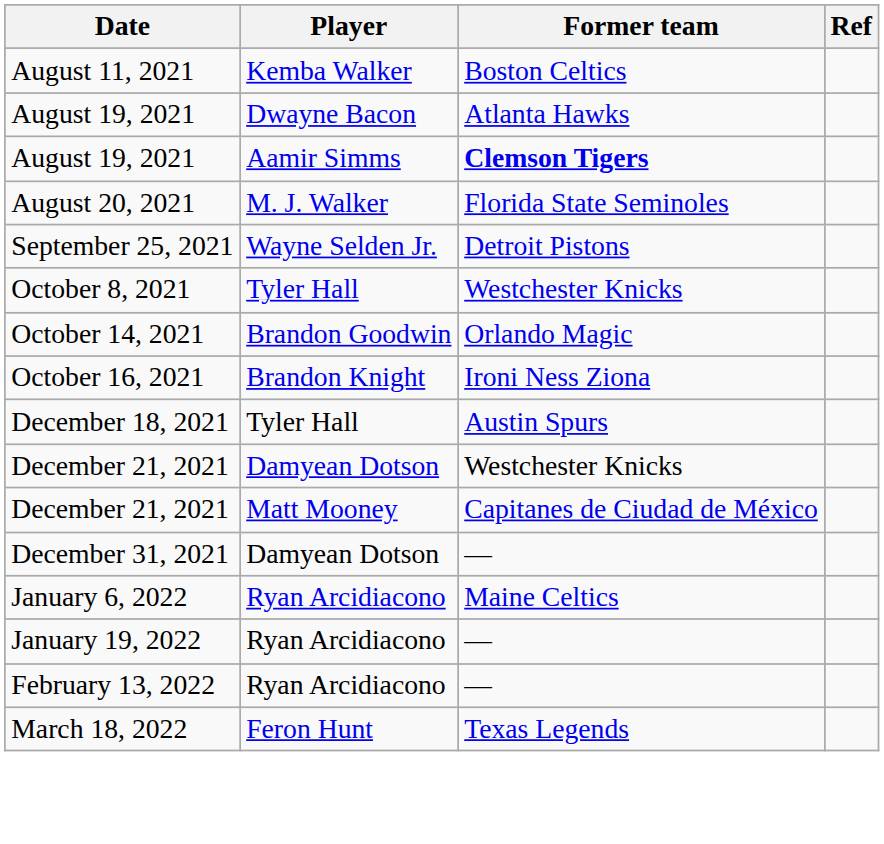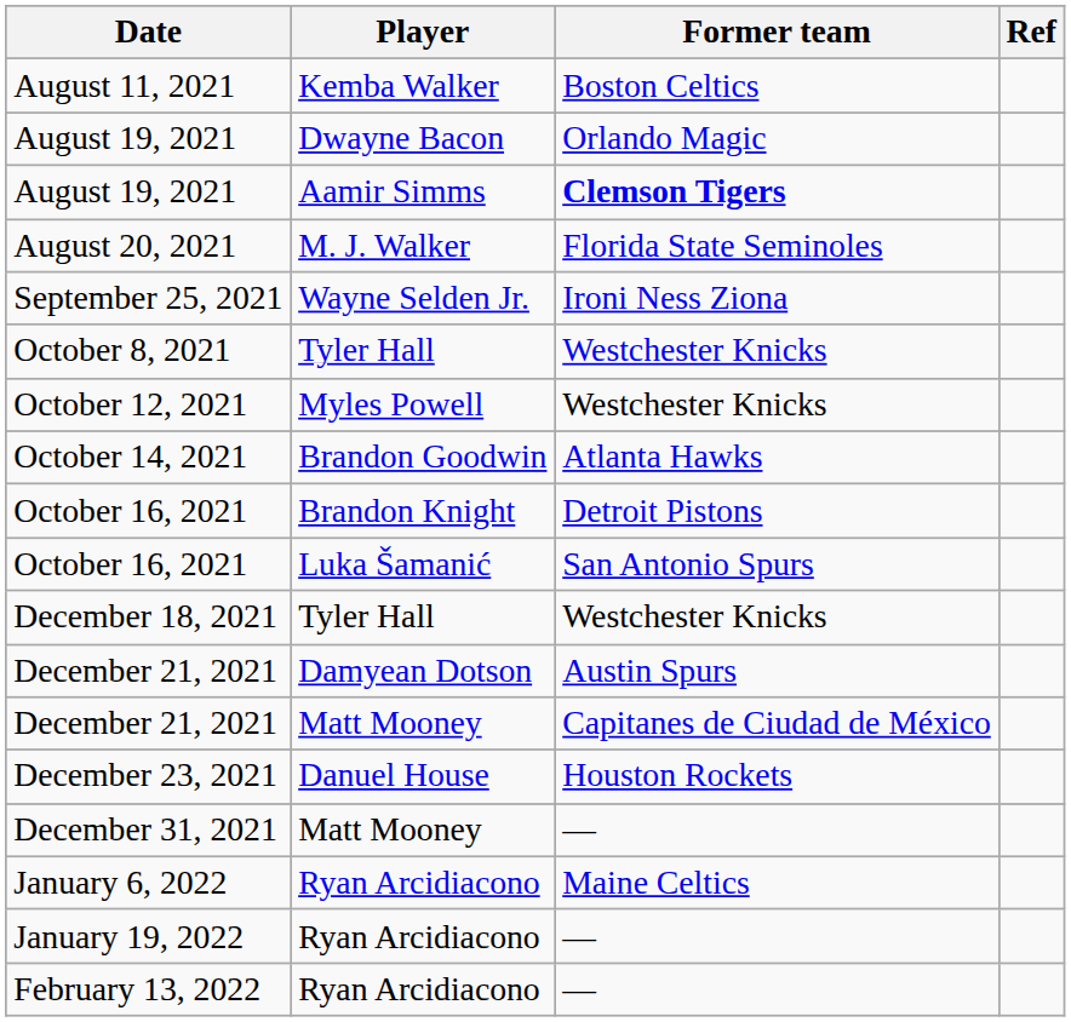 <table class="wikitable" style="text-align:left;">
 <tr>
 <th>Date</th>
 <th>Player</th>
 <th>Former team</th>
 <th>Ref</th>
 </tr>
 <tr>
 <td>August 11, 2021</td>
 <td><a href='#'>Kemba Walker</a></td>
 <td><a href='#'>Boston Celtics</a></td>
 <td></td>
 </tr>
 <tr>
 <td>August 19, 2021</td>
 <td><a href='#'>Dwayne Bacon</a></td>
-<td><a href='#'>Atlanta Hawks</a></td>
+<td><a href='#'>Orlando Magic</a></td>
 <td></td>
 </tr>
 <tr>
 <td>August 19, 2021</td>
 <td><a href='#'>Aamir Simms</a></td>
 <td><strong><a href='#'>Clemson Tigers</a></strong></td>
 <td></td>
 </tr>
 <tr>
 <td>August 20, 2021</td>
 <td><a href='#'>M. J. Walker</a></td>
 <td><a href='#'>Florida State Seminoles</a></td>
 <td></td>
 </tr>
 <tr>
 <td>September 25, 2021</td>
 <td><a href='#'>Wayne Selden Jr.</a></td>
-<td><a href='#'>Detroit Pistons</a></td>
+<td><a href='#'>Ironi Ness Ziona</a></td>
 <td></td>
 </tr>
 <tr>
 <td>October 8, 2021</td>
 <td><a href='#'>Tyler Hall</a></td>
 <td><a href='#'>Westchester Knicks</a></td>
 <td></td>
 </tr>
 <tr>
+<td>October 12, 2021</td>
+<td><a href='#'>Myles Powell</a></td>
+<td>Westchester Knicks</td>
+<td></td>
+</tr>
+<tr>
 <td>October 14, 2021</td>
 <td><a href='#'>Brandon Goodwin</a></td>
-<td><a href='#'>Orlando Magic</a></td>
+<td><a href='#'>Atlanta Hawks</a></td>
 <td></td>
 </tr>
 <tr>
 <td>October 16, 2021</td>
 <td><a href='#'>Brandon Knight</a></td>
-<td><a href='#'>Ironi Ness Ziona</a></td>
+<td><a href='#'>Detroit Pistons</a></td>
+<td></td>
+</tr>
+<tr>
+<td>October 16, 2021</td>
+<td><a href='#'>Luka Šamanić</a></td>
+<td><a href='#'>San Antonio Spurs</a></td>
 <td></td>
 </tr>
 <tr>
 <td>December 18, 2021</td>
 <td>Tyler Hall</td>
-<td><a href='#'>Austin Spurs</a></td>
+<td>Westchester Knicks</td>
 <td></td>
 </tr>
 <tr>
 <td>December 21, 2021</td>
 <td><a href='#'>Damyean Dotson</a></td>
-<td>Westchester Knicks</td>
+<td><a href='#'>Austin Spurs</a></td>
 <td></td>
 </tr>
 <tr>
 <td>December 21, 2021</td>
 <td><a href='#'>Matt Mooney</a></td>
 <td><a href='#'>Capitanes de Ciudad de México</a></td>
 <td></td>
 </tr>
 <tr>
+<td>December 23, 2021</td>
+<td><a href='#'>Danuel House</a></td>
+<td><a href='#'>Houston Rockets</a></td>
+<td></td>
+</tr>
+<tr>
 <td>December 31, 2021</td>
-<td>Damyean Dotson</td>
+<td>Matt Mooney</td>
 <td>—</td>
 <td></td>
 </tr>
 <tr>
 <td>January 6, 2022</td>
 <td><a href='#'>Ryan Arcidiacono</a></td>
 <td><a href='#'>Maine Celtics</a></td>
 <td></td>
 </tr>
 <tr>
 <td>January 19, 2022</td>
 <td>Ryan Arcidiacono</td>
 <td>—</td>
 <td></td>
 </tr>
 <tr>
 <td>February 13, 2022</td>
 <td>Ryan Arcidiacono</td>
 <td>—</td>
 <td></td>
 </tr>
-<tr>
-<td>March 18, 2022</td>
-<td><a href='#'>Feron Hunt</a></td>
-<td><a href='#'>Texas Legends</a></td>
-<td></td>
-</tr>
 </table>
